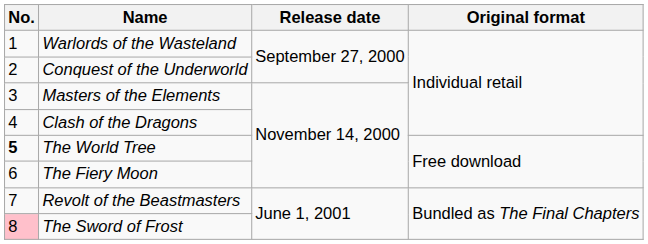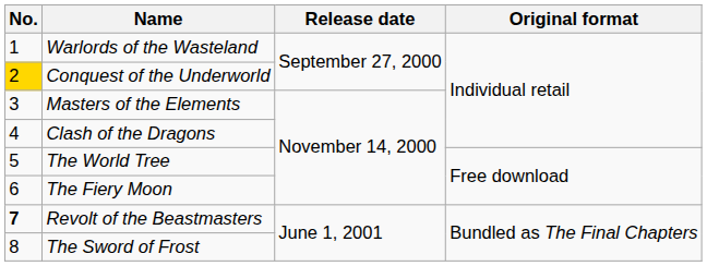 <table class="wikitable">
 <tr>
 <th scope="col">No.</th>
 <th scope="col">Name</th>
 <th scope="col">Release date</th>
 <th scope="col">Original format</th>
 </tr>
 <tr>
 <td>1</td>
 <td><em>Warlords of the Wasteland</em></td>
 <td rowspan="2">September 27, 2000</td>
 <td rowspan="4">Individual retail</td>
 </tr>
 <tr>
-<td>2</td>
+<td style="background: gold;">2</td>
 <td><em>Conquest of the Underworld</em></td>
 </tr>
 <tr>
 <td>3</td>
 <td><em>Masters of the Elements</em></td>
 <td rowspan="4">November 14, 2000</td>
 </tr>
 <tr>
 <td>4</td>
 <td><em>Clash of the Dragons</em></td>
 </tr>
 <tr>
-<td><strong>5</strong></td>
+<td>5</td>
 <td><em>The World Tree</em></td>
 <td rowspan="2">Free download</td>
 </tr>
 <tr>
 <td>6</td>
 <td><em>The Fiery Moon</em></td>
 </tr>
 <tr>
-<td>7</td>
+<td><strong>7</strong></td>
 <td><em>Revolt of the Beastmasters</em></td>
 <td rowspan="2">June 1, 2001</td>
 <td rowspan="2">Bundled as <em>The Final Chapters</em></td>
 </tr>
 <tr>
-<td style="background: pink;">8</td>
+<td>8</td>
 <td><em>The Sword of Frost</em></td>
 </tr>
 </table>
